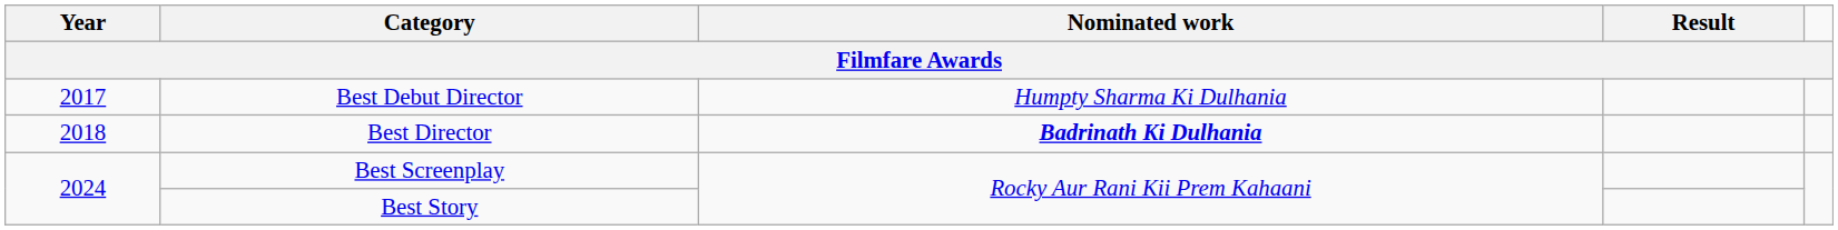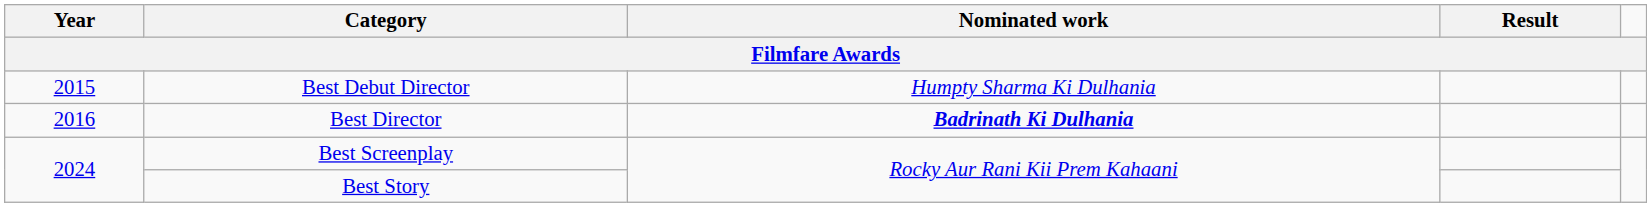 <table class="wikitable sortable" style="width: 100%; text-align: center;">
 <tr>
 <th scope="col">Year</th>
 <th scope="col">Category</th>
 <th scope="col">Nominated work</th>
 <th scope="col">Result</th>
 </tr>
 <tr>
 <th colspan="6" style="background:FFC1CC;"><a href='#'>Filmfare Awards</a></th>
 </tr>
 <tr>
-<td rowspan="1"><a href='#'>2017</a></td>
+<td rowspan="1"><a href='#'>2015</a></td>
 <td><a href='#'>Best Debut Director</a></td>
 <td rowspan="1"><em><a href='#'>Humpty Sharma Ki Dulhania</a></em></td>
 <td></td>
 <td></td>
 </tr>
 <tr>
-<td rowspan="1"><a href='#'>2018</a></td>
+<td rowspan="1"><a href='#'>2016</a></td>
 <td><a href='#'>Best Director</a></td>
 <td rowspan="1"><strong><em><a href='#'>Badrinath Ki Dulhania</a></em></strong></td>
 <td></td>
 <td></td>
 </tr>
 <tr>
 <td rowspan="2"><a href='#'>2024</a></td>
 <td><a href='#'>Best Screenplay</a></td>
 <td rowspan="2"><em><a href='#'>Rocky Aur Rani Kii Prem Kahaani</a></em></td>
 <td></td>
 </tr>
 <tr>
 <td><a href='#'>Best Story</a></td>
 <td></td>
 </tr>
 </table>
